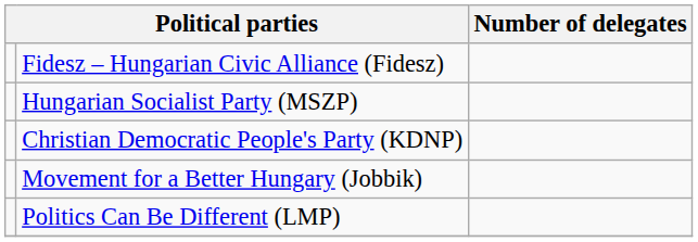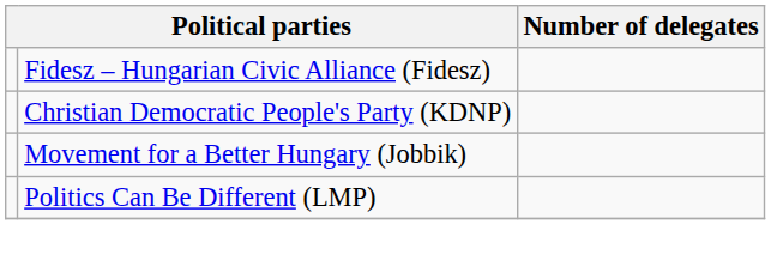 <table class="wikitable">
 <tr>
 <th colspan=2>Political parties</th>
 <th>Number of delegates</th>
 </tr>
 <tr>
 <td style="background-color: "></td>
 <td><a href='#'>Fidesz – Hungarian Civic Alliance</a> (Fidesz)</td>
-<td></td>
-</tr>
-<tr>
-<td style="background-color: "></td>
-<td><a href='#'>Hungarian Socialist Party</a> (MSZP)</td>
 <td></td>
 </tr>
 <tr>
 <td style="background-color: "></td>
 <td><a href='#'>Christian Democratic People's Party</a> (KDNP)</td>
 <td></td>
 </tr>
 <tr>
 <td style="background-color: "></td>
 <td><a href='#'>Movement for a Better Hungary</a> (Jobbik)</td>
 <td></td>
 </tr>
 <tr>
 <td style="background-color: "></td>
 <td><a href='#'>Politics Can Be Different</a> (LMP)</td>
 <td></td>
 </tr>
 <tr>
 </tr>
 </table>
